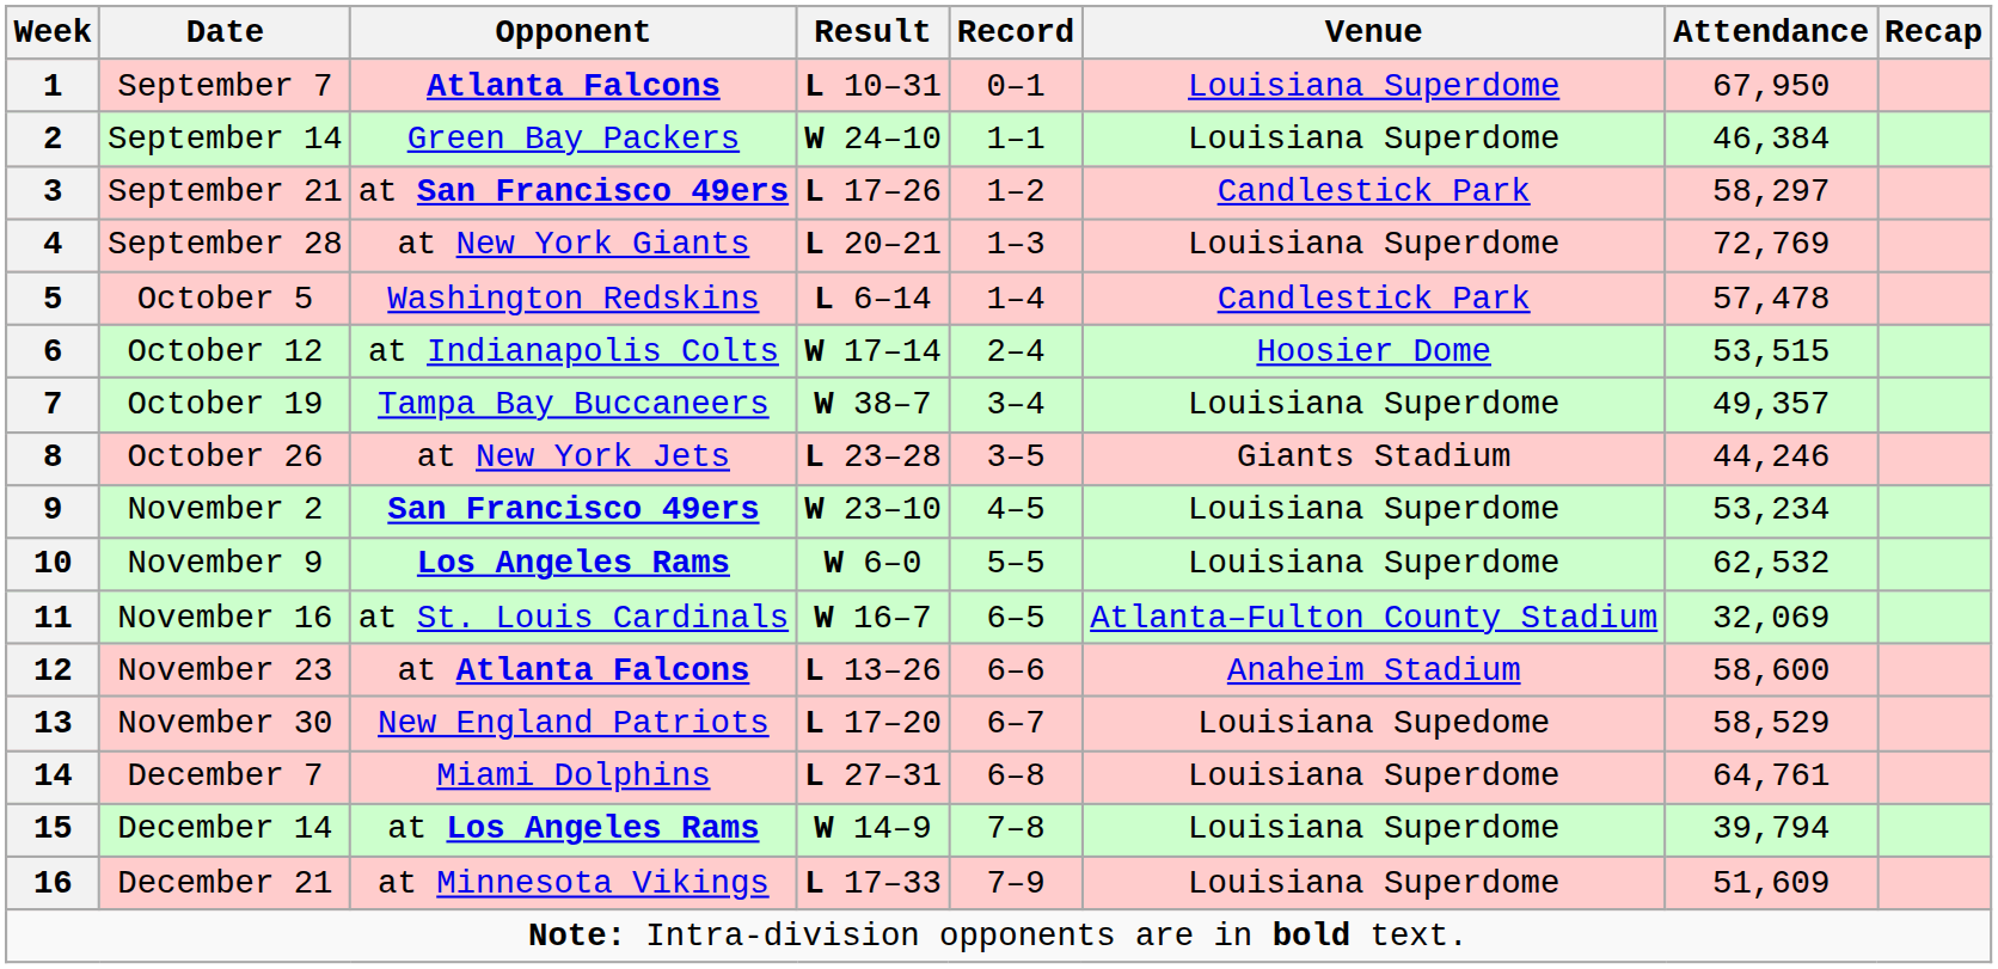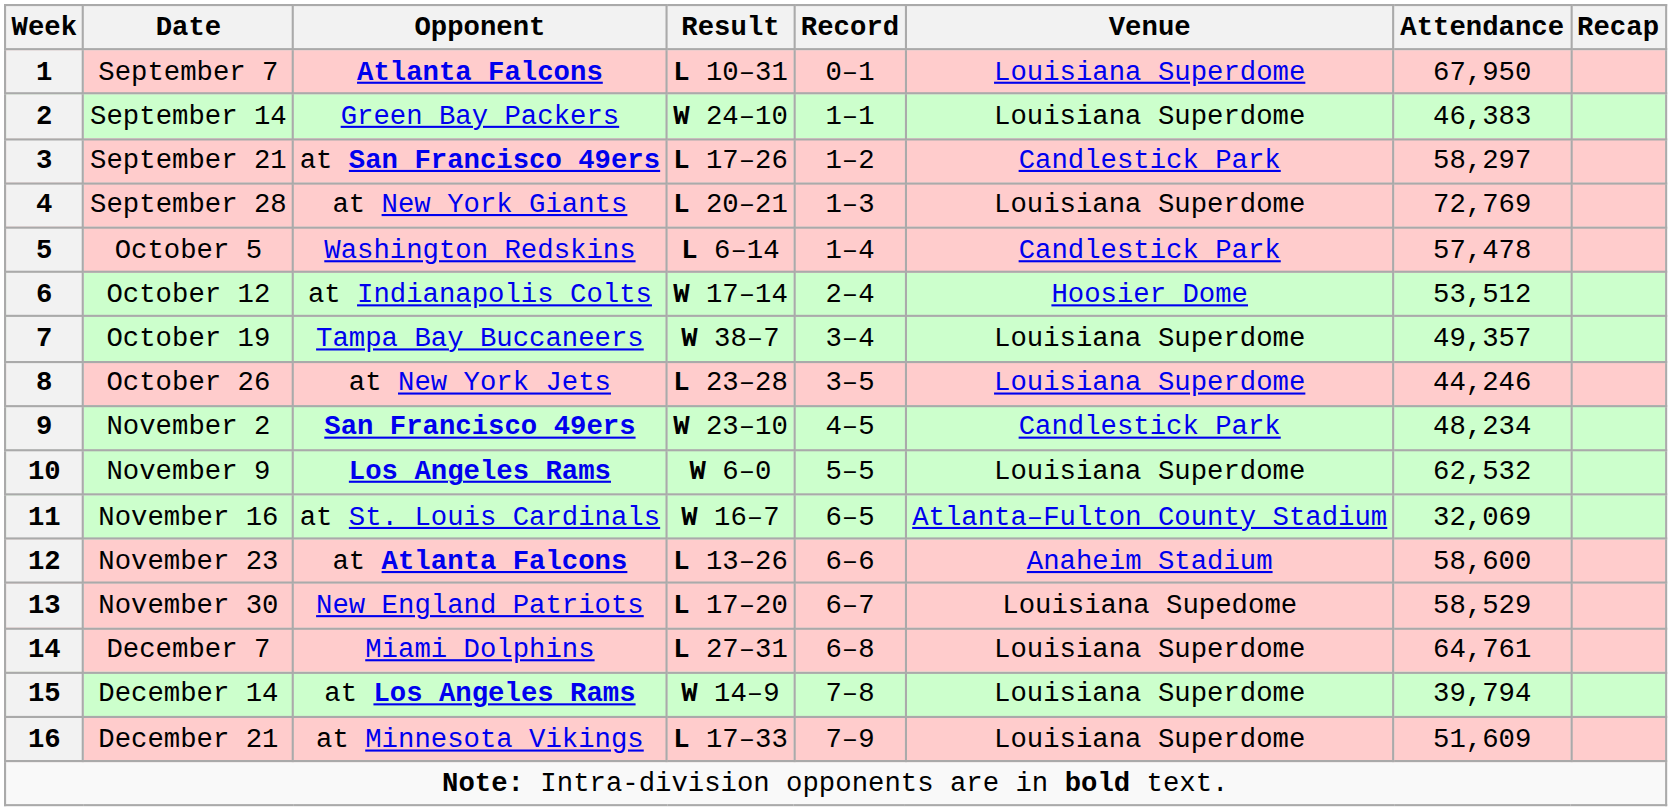 <table class="wikitable" style="text-align:center">
 <tr>
 <th>Week</th>
 <th>Date</th>
 <th>Opponent</th>
 <th>Result</th>
 <th>Record</th>
 <th>Venue</th>
 <th>Attendance</th>
 <th>Recap</th>
 </tr>
 <tr style="background:#fcc">
 <th>1</th>
 <td>September 7</td>
 <td><strong><a href='#'>Atlanta Falcons</a></strong></td>
 <td><strong>L</strong> 10–31</td>
 <td>0–1</td>
 <td><a href='#'>Louisiana Superdome</a></td>
 <td>67,950</td>
 <td></td>
 </tr>
 <tr style="background:#cfc">
 <th>2</th>
 <td>September 14</td>
 <td><a href='#'>Green Bay Packers</a></td>
 <td><strong>W</strong> 24–10</td>
 <td>1–1</td>
 <td>Louisiana Superdome</td>
-<td>46,384</td>
+<td>46,383</td>
 <td></td>
 </tr>
 <tr style="background:#fcc">
 <th>3</th>
 <td>September 21</td>
 <td>at <strong><a href='#'>San Francisco 49ers</a></strong></td>
 <td><strong>L</strong> 17–26</td>
 <td>1–2</td>
 <td><a href='#'>Candlestick Park</a></td>
 <td>58,297</td>
 <td></td>
 </tr>
 <tr style="background:#fcc">
 <th>4</th>
 <td>September 28</td>
 <td>at <a href='#'>New York Giants</a></td>
 <td><strong>L</strong> 20–21</td>
 <td>1–3</td>
 <td>Louisiana Superdome</td>
 <td>72,769</td>
 <td></td>
 </tr>
 <tr style="background:#fcc">
 <th>5</th>
 <td>October 5</td>
 <td><a href='#'>Washington Redskins</a></td>
 <td><strong>L</strong> 6–14</td>
 <td>1–4</td>
 <td><a href='#'>Candlestick Park</a></td>
 <td>57,478</td>
 <td></td>
 </tr>
 <tr style="background:#cfc">
 <th>6</th>
 <td>October 12</td>
 <td>at <a href='#'>Indianapolis Colts</a></td>
 <td><strong>W</strong> 17–14</td>
 <td>2–4</td>
 <td><a href='#'>Hoosier Dome</a></td>
-<td>53,515</td>
+<td>53,512</td>
 <td></td>
 </tr>
 <tr style="background:#cfc">
 <th>7</th>
 <td>October 19</td>
 <td><a href='#'>Tampa Bay Buccaneers</a></td>
 <td><strong>W</strong> 38–7</td>
 <td>3–4</td>
 <td>Louisiana Superdome</td>
 <td>49,357</td>
 <td></td>
 </tr>
 <tr style="background:#fcc">
 <th>8</th>
 <td>October 26</td>
 <td>at <a href='#'>New York Jets</a></td>
 <td><strong>L</strong> 23–28</td>
 <td>3–5</td>
-<td>Giants Stadium</td>
+<td><a href='#'>Louisiana Superdome</a></td>
 <td>44,246</td>
 <td></td>
 </tr>
 <tr style="background:#cfc">
 <th>9</th>
 <td>November 2</td>
 <td><strong><a href='#'>San Francisco 49ers</a></strong></td>
 <td><strong>W</strong> 23–10</td>
 <td>4–5</td>
-<td>Louisiana Superdome</td>
-<td>53,234</td>
+<td><a href='#'>Candlestick Park</a></td>
+<td>48,234</td>
 <td></td>
 </tr>
 <tr style="background:#cfc">
 <th>10</th>
 <td>November 9</td>
 <td><strong><a href='#'>Los Angeles Rams</a></strong></td>
 <td><strong>W</strong> 6–0</td>
 <td>5–5</td>
 <td>Louisiana Superdome</td>
 <td>62,532</td>
 <td></td>
 </tr>
 <tr style="background:#cfc">
 <th>11</th>
 <td>November 16</td>
 <td>at <a href='#'>St. Louis Cardinals</a></td>
 <td><strong>W</strong> 16–7</td>
 <td>6–5</td>
 <td><a href='#'>Atlanta–Fulton County Stadium</a></td>
 <td>32,069</td>
 <td></td>
 </tr>
 <tr style="background:#fcc">
 <th>12</th>
 <td>November 23</td>
 <td>at <strong><a href='#'>Atlanta Falcons</a></strong></td>
 <td><strong>L</strong> 13–26</td>
 <td>6–6</td>
 <td><a href='#'>Anaheim Stadium</a></td>
 <td>58,600</td>
 <td></td>
 </tr>
 <tr style="background:#fcc">
 <th>13</th>
 <td>November 30</td>
 <td><a href='#'>New England Patriots</a></td>
 <td><strong>L</strong> 17–20</td>
 <td>6–7</td>
 <td>Louisiana Supedome</td>
 <td>58,529</td>
 <td></td>
 </tr>
 <tr style="background:#fcc">
 <th>14</th>
 <td>December 7</td>
 <td><a href='#'>Miami Dolphins</a></td>
 <td><strong>L</strong> 27–31</td>
 <td>6–8</td>
 <td>Louisiana Superdome</td>
 <td>64,761</td>
 <td></td>
 </tr>
 <tr style="background:#cfc">
 <th>15</th>
 <td>December 14</td>
 <td>at <strong><a href='#'>Los Angeles Rams</a></strong></td>
 <td><strong>W</strong> 14–9</td>
 <td>7–8</td>
 <td>Louisiana Superdome</td>
 <td>39,794</td>
 <td></td>
 </tr>
 <tr style="background:#fcc">
 <th>16</th>
 <td>December 21</td>
 <td>at <a href='#'>Minnesota Vikings</a></td>
 <td><strong>L</strong> 17–33</td>
 <td>7–9</td>
 <td>Louisiana Superdome</td>
 <td>51,609</td>
 <td></td>
 </tr>
 <tr>
 <td colspan="8"><strong>Note:</strong> Intra-division opponents are in <strong>bold</strong> text.</td>
 </tr>
 </table>
